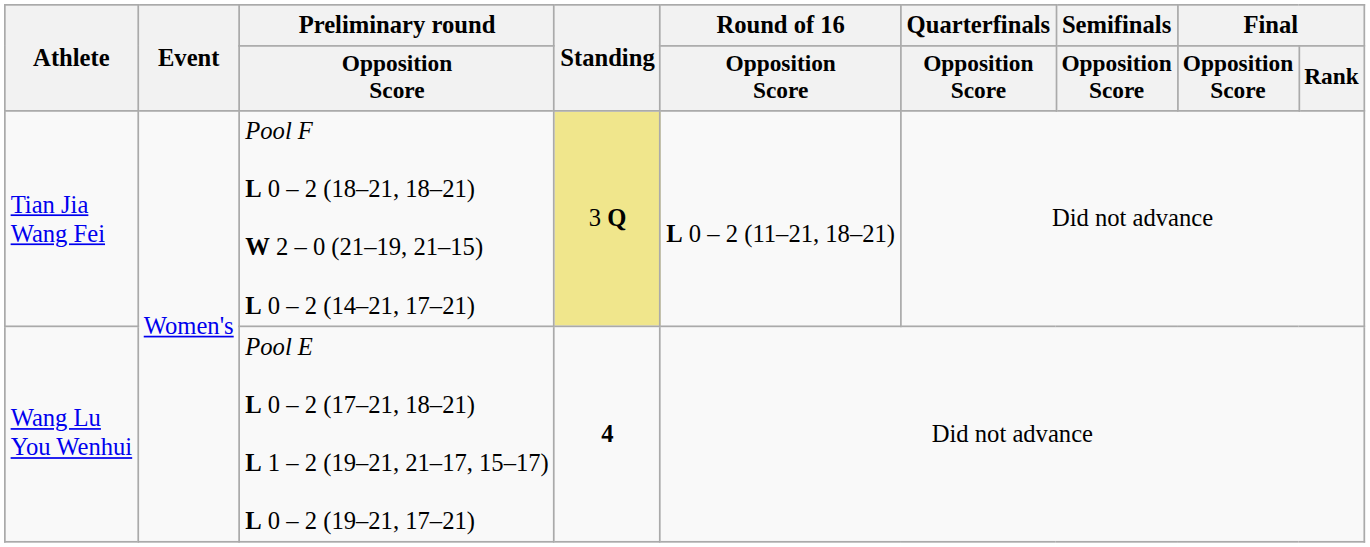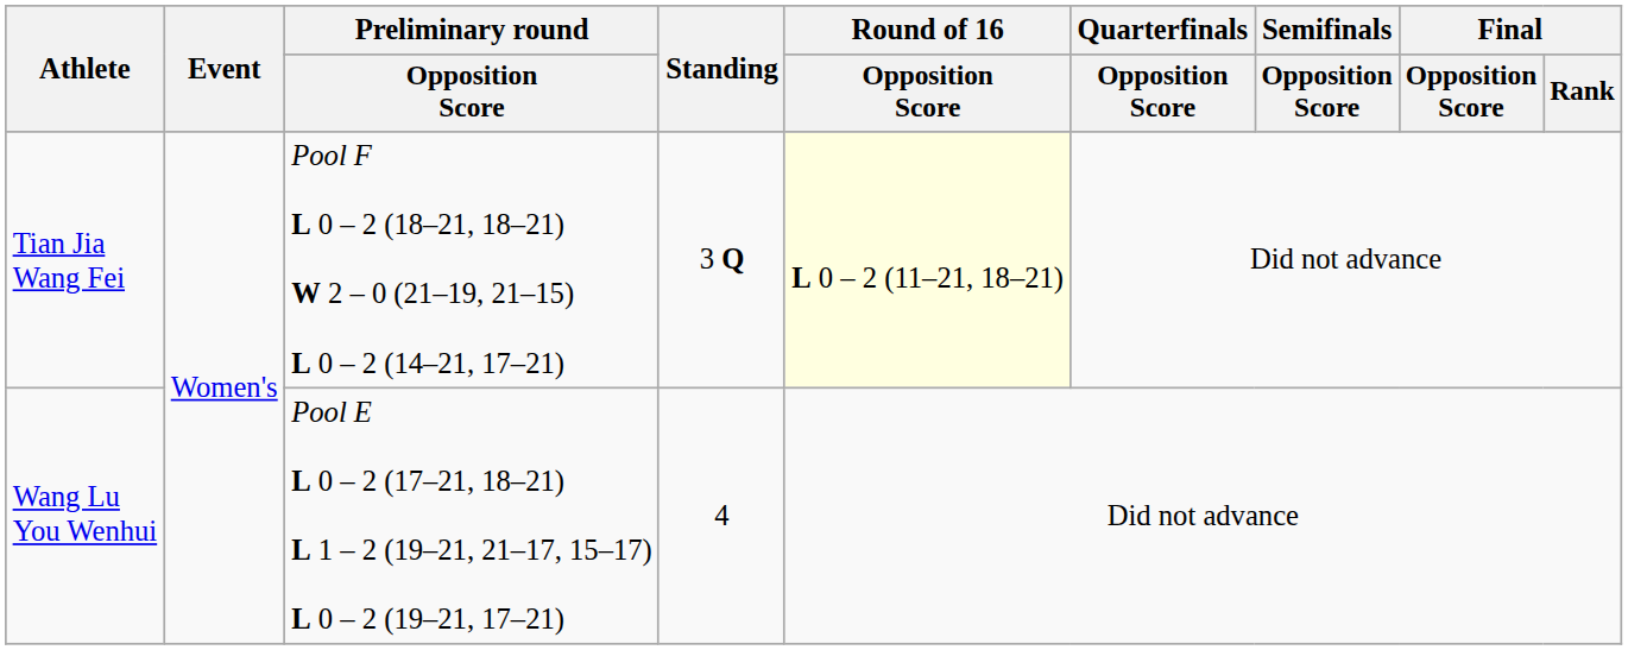 <table class=wikitable style="font-size:90%">
 <tr>
 <th rowspan="2">Athlete</th>
 <th rowspan="2">Event</th>
 <th>Preliminary round</th>
 <th rowspan="2">Standing</th>
 <th>Round of 16</th>
 <th>Quarterfinals</th>
 <th>Semifinals</th>
 <th colspan=2>Final</th>
 </tr>
 <tr style="font-size:95%">
 <th>Opposition<br>Score</th>
 <th>Opposition<br>Score</th>
 <th>Opposition<br>Score</th>
 <th>Opposition<br>Score</th>
 <th>Opposition<br>Score</th>
 <th>Rank</th>
 </tr>
 <tr align=center>
 <td align=left><a href='#'>Tian Jia</a><br><a href='#'>Wang Fei</a></td>
 <td style="text-align:left;" rowspan="2"><a href='#'>Women's</a></td>
 <td align=left><em>Pool F</em><br><br><strong>L</strong> 0 – 2 (18–21, 18–21)<br><br><strong>W</strong> 2 – 0 (21–19, 21–15)<br><br><strong>L</strong> 0 – 2 (14–21, 17–21)</td>
-<td style="background: khaki;">3 <strong>Q</strong></td>
-<td><br><strong>L</strong> 0 – 2 (11–21, 18–21)</td>
+<td>3 <strong>Q</strong></td>
+<td style="background: lightyellow;"><br><strong>L</strong> 0 – 2 (11–21, 18–21)</td>
 <td colspan=4>Did not advance</td>
 </tr>
 <tr align=center>
 <td align=left><a href='#'>Wang Lu</a><br><a href='#'>You Wenhui</a></td>
 <td align=left><em>Pool E</em><br><br><strong>L</strong> 0 – 2 (17–21, 18–21)<br><br><strong>L</strong> 1 – 2 (19–21, 21–17, 15–17)<br><br><strong>L</strong> 0 – 2 (19–21, 17–21)</td>
-<td><strong>4</strong></td>
+<td>4</td>
 <td colspan=5>Did not advance</td>
 </tr>
 </table>
